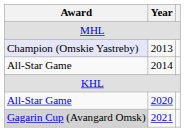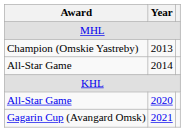 <table class="wikitable">
 <tr>
 <th>Award</th>
 <th>Year</th>
 <th></th>
 </tr>
 <tr ALIGN="center" bgcolor="#e0e0e0">
 <td colspan="3"><a href='#'>MHL</a></td>
 </tr>
 <tr>
-<td style="background: lavender;">Champion (Omskie Yastreby)</td>
+<td>Champion (Omskie Yastreby)</td>
 <td>2013</td>
 <td></td>
 </tr>
 <tr>
 <td>All-Star Game</td>
 <td>2014</td>
 <td></td>
 </tr>
 <tr ALIGN="center" bgcolor="#e0e0e0">
 <td colspan="3"><a href='#'>KHL</a></td>
 </tr>
 <tr>
 <td><a href='#'>All-Star Game</a></td>
 <td><a href='#'>2020</a></td>
 <td></td>
 </tr>
 <tr>
-<td style="background: lightgrey;"><a href='#'>Gagarin Cup</a> (Avangard Omsk)</td>
+<td><a href='#'>Gagarin Cup</a> (Avangard Omsk)</td>
 <td><a href='#'>2021</a></td>
 <td></td>
 </tr>
 </table>
